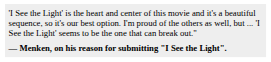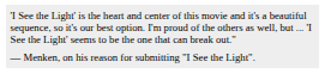 <table class="toccolours" style="float: left; margin-left: 1em; margin-right: 2em; font-size: 85%; background:#eeeeee; color:black; width:30em; max-width: 40%;" cellspacing="5">
 <tr>
 <td style="text-align: left;">'I See the Light' is the heart and center of this movie and it's a beautiful sequence, so it's our best option. I'm proud of the others as well, but ... 'I See the Light' seems to be the one that can break out."</td>
 </tr>
 <tr>
-<td style="text-align: left;"><strong>— Menken, on his reason for submitting "I See the Light".</strong></td>
+<td style="text-align: left;">— Menken, on his reason for submitting "I See the Light".</td>
 </tr>
 </table>
